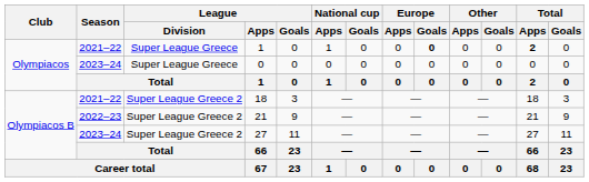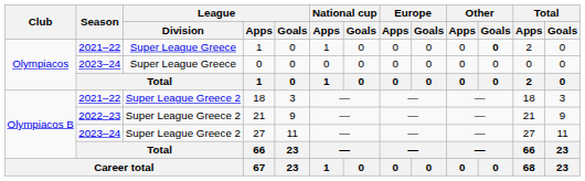 <table class="wikitable" style="text-align:center">
 <tr>
 <th rowspan="2">Club</th>
 <th rowspan="2">Season</th>
 <th colspan="3">League</th>
 <th colspan="2">National cup</th>
 <th colspan="2">Europe</th>
 <th colspan="2">Other</th>
 <th colspan="2">Total</th>
 </tr>
 <tr>
 <th>Division</th>
 <th>Apps</th>
 <th>Goals</th>
 <th>Apps</th>
 <th>Goals</th>
 <th>Apps</th>
 <th>Goals</th>
 <th>Apps</th>
 <th>Goals</th>
 <th>Apps</th>
 <th>Goals</th>
 </tr>
 <tr>
 <td rowspan="3"><a href='#'>Olympiacos</a></td>
 <td><a href='#'>2021–22</a></td>
 <td><a href='#'>Super League Greece</a></td>
 <td>1</td>
 <td>0</td>
 <td>1</td>
 <td>0</td>
 <td>0</td>
-<td><strong>0</strong></td>
 <td>0</td>
 <td>0</td>
-<td><strong>2</strong></td>
+<td><strong>0</strong></td>
+<td>2</td>
 <td>0</td>
 </tr>
 <tr>
 <td><a href='#'>2023–24</a></td>
 <td>Super League Greece</td>
 <td>0</td>
 <td>0</td>
 <td>0</td>
 <td>0</td>
 <td>0</td>
 <td>0</td>
 <td>0</td>
 <td>0</td>
 <td>0</td>
 <td>0</td>
 </tr>
 <tr>
 <th colspan="2">Total</th>
 <th>1</th>
 <th>0</th>
 <th>1</th>
 <th>0</th>
 <th>0</th>
 <th>0</th>
 <th>0</th>
 <th>0</th>
 <th>2</th>
 <th>0</th>
 </tr>
 <tr>
 <td rowspan="4"><a href='#'>Olympiacos B</a></td>
 <td><a href='#'>2021–22</a></td>
 <td><a href='#'>Super League Greece 2</a></td>
 <td>18</td>
 <td>3</td>
 <td colspan="2">—</td>
 <td colspan="2">—</td>
 <td colspan="2">—</td>
 <td>18</td>
 <td>3</td>
 </tr>
 <tr>
 <td><a href='#'>2022–23</a></td>
 <td>Super League Greece 2</td>
 <td>21</td>
 <td>9</td>
 <td colspan="2">—</td>
 <td colspan="2">—</td>
 <td colspan="2">—</td>
 <td>21</td>
 <td>9</td>
 </tr>
 <tr>
 <td><a href='#'>2023–24</a></td>
 <td>Super League Greece 2</td>
 <td>27</td>
 <td>11</td>
 <td colspan="2">—</td>
 <td colspan="2">—</td>
 <td colspan="2">—</td>
 <td>27</td>
 <td>11</td>
 </tr>
 <tr>
 <th colspan="2">Total</th>
 <th>66</th>
 <th>23</th>
 <th colspan="2">—</th>
 <th colspan="2">—</th>
 <th colspan="2">—</th>
 <th>66</th>
 <th>23</th>
 </tr>
 <tr>
 <th colspan="3">Career total</th>
 <th>67</th>
 <th>23</th>
 <th>1</th>
 <th>0</th>
 <th>0</th>
 <th>0</th>
 <th>0</th>
 <th>0</th>
 <th>68</th>
 <th>23</th>
 </tr>
 </table>
